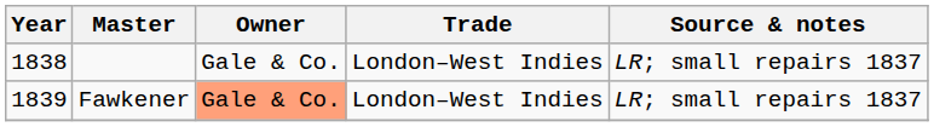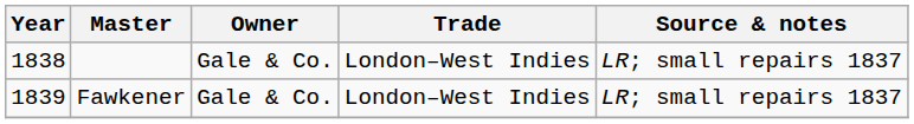 <table class=" wikitable">
 <tr>
 <th>Year</th>
 <th>Master</th>
 <th>Owner</th>
 <th>Trade</th>
 <th>Source & notes</th>
 </tr>
 <tr>
 <td>1838</td>
 <td></td>
 <td>Gale & Co.</td>
 <td>London–West Indies</td>
 <td><em>LR</em>; small repairs 1837</td>
 </tr>
 <tr>
 <td>1839</td>
 <td>Fawkener</td>
-<td style="background: lightsalmon;">Gale & Co.</td>
+<td>Gale & Co.</td>
 <td>London–West Indies</td>
 <td><em>LR</em>; small repairs 1837</td>
 </tr>
 <tr>
 </tr>
 </table>
